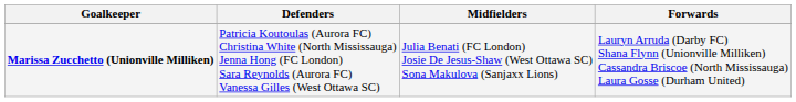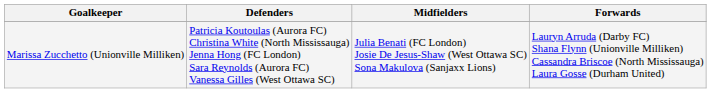 <table class="wikitable">
 <tr style="background:#cccccc;">
 <th>Goalkeeper</th>
 <th>Defenders</th>
 <th>Midfielders</th>
 <th>Forwards</th>
 </tr>
 <tr>
 </tr>
 <tr style="background:#f4f4f4;">
-<td><strong><a href='#'>Marissa Zucchetto</a> (Unionville Milliken)</strong></td>
+<td><a href='#'>Marissa Zucchetto</a> (Unionville Milliken)</td>
 <td><a href='#'>Patricia Koutoulas</a> (Aurora FC)<br><a href='#'>Christina White</a> (North Mississauga)<br><a href='#'>Jenna Hong</a> (FC London)<br><a href='#'>Sara Reynolds</a> (Aurora FC)<br><a href='#'>Vanessa Gilles</a> (West Ottawa SC)</td>
 <td><a href='#'>Julia Benati</a> (FC London)<br><a href='#'>Josie De Jesus-Shaw</a> (West Ottawa SC)<br><a href='#'>Sona Makulova</a> (Sanjaxx Lions)</td>
 <td><a href='#'>Lauryn Arruda</a> (Darby FC)<br><a href='#'>Shana Flynn</a> (Unionville Milliken)<br><a href='#'>Cassandra Briscoe</a> (North Mississauga)<br><a href='#'>Laura Gosse</a> (Durham United)</td>
 </tr>
 </table>
